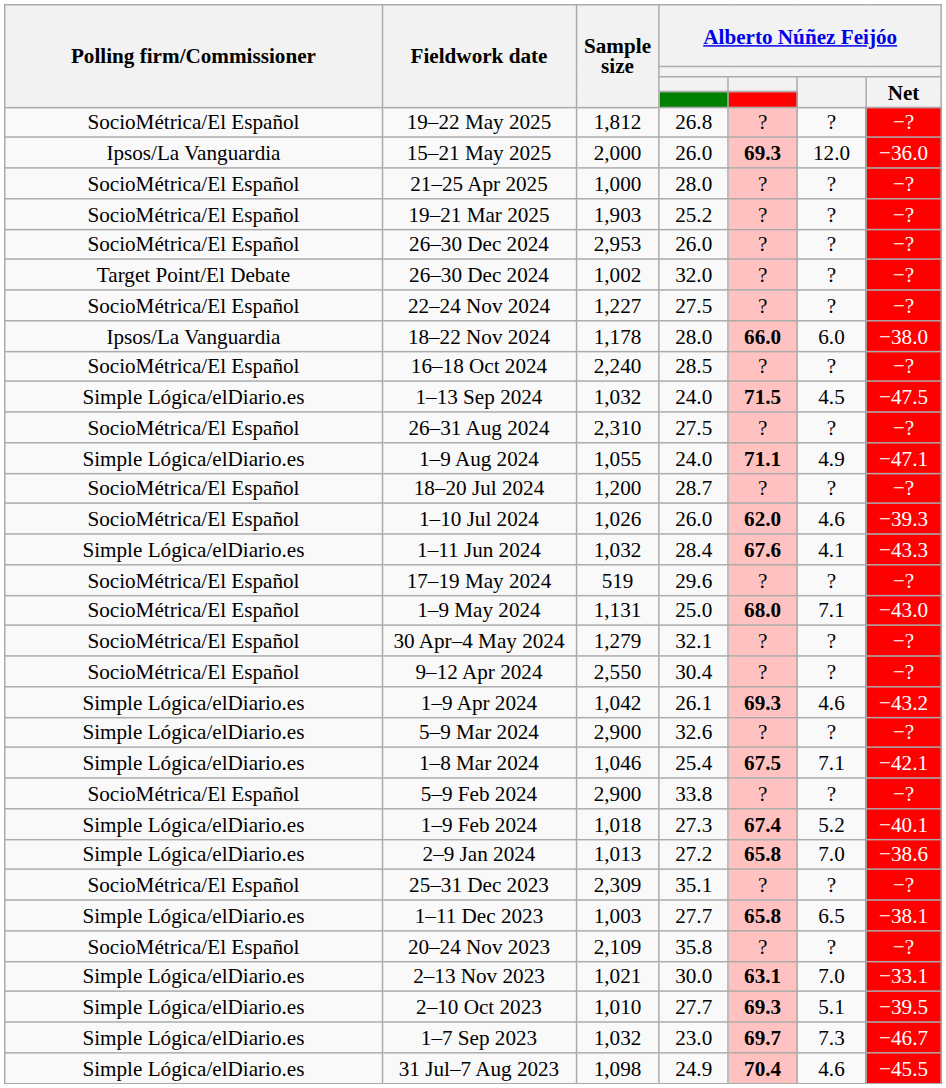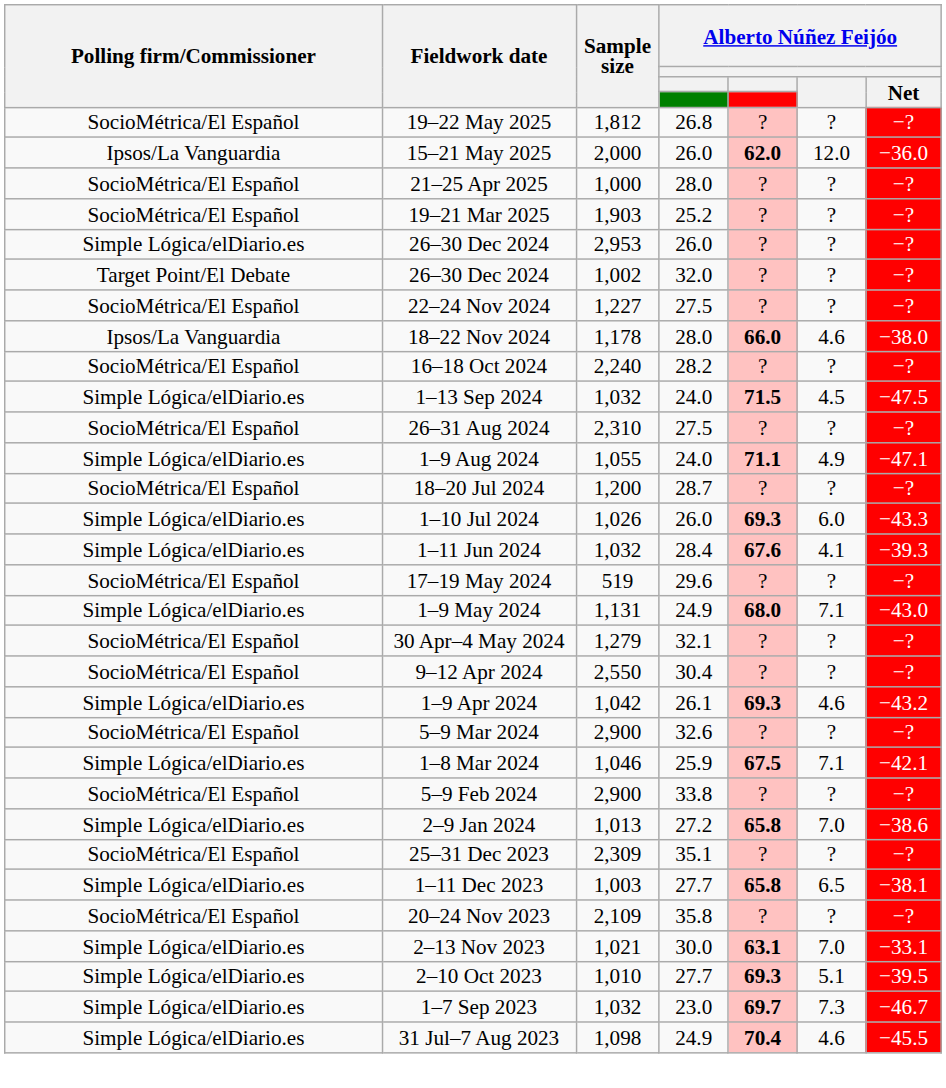 <table class="wikitable collapsible collapsed" style="text-align:center; font-size:90%; line-height:14px;">
 <tr style="height:42px;">
 <th style="width:250px;" rowspan="4">Polling firm/Commissioner</th>
 <th style="width:125px;" rowspan="4">Fieldwork date</th>
 <th style="width:50px;" rowspan="4">Sample size</th>
 <th style="width:185px;" colspan="4"><a href='#'>Alberto Núñez Feijóo</a><br></th>
 </tr>
 <tr>
 <th colspan="4" style="background:"></th>
 </tr>
 <tr>
 <th style="width:30px;"></th>
 <th style="width:30px;"></th>
 <th style="width:30px;" rowspan="2"></th>
 <th style="width:30px;" rowspan="2">Net</th>
 </tr>
 <tr>
 <th style="color:inherit;background:#008000;"></th>
 <th style="color:inherit;background:#FF0000;"></th>
 </tr>
 <tr>
 <td>SocioMétrica/El Español</td>
 <td>19–22 May 2025</td>
 <td>1,812</td>
 <td>26.8</td>
 <td style="background:#FFC2C1;">?</td>
 <td>?</td>
 <td style="background:#FF0000; color:white;">−?</td>
 </tr>
 <tr>
 <td>Ipsos/La Vanguardia</td>
 <td>15–21 May 2025</td>
 <td>2,000</td>
 <td>26.0</td>
-<td style="background:#FFC2C1;"><strong>69.3</strong></td>
+<td style="background:#FFC2C1;"><strong>62.0</strong></td>
 <td>12.0</td>
 <td style="background:#FF0000; color:white;">−36.0</td>
 </tr>
 <tr>
 <td>SocioMétrica/El Español</td>
 <td>21–25 Apr 2025</td>
 <td>1,000</td>
 <td>28.0</td>
 <td style="background:#FFC2C1;">?</td>
 <td>?</td>
 <td style="background:#FF0000; color:white;">−?</td>
 </tr>
 <tr>
 <td>SocioMétrica/El Español</td>
 <td>19–21 Mar 2025</td>
 <td>1,903</td>
 <td>25.2</td>
 <td style="background:#FFC2C1;">?</td>
 <td>?</td>
 <td style="background:#FF0000; color:white;">−?</td>
 </tr>
 <tr>
-<td>SocioMétrica/El Español</td>
+<td>Simple Lógica/elDiario.es</td>
 <td>26–30 Dec 2024</td>
 <td>2,953</td>
 <td>26.0</td>
 <td style="background:#FFC2C1;">?</td>
 <td>?</td>
 <td style="background:#FF0000; color:white;">−?</td>
 </tr>
 <tr>
 <td>Target Point/El Debate</td>
 <td>26–30 Dec 2024</td>
 <td>1,002</td>
 <td>32.0</td>
 <td style="background:#FFC2C1;">?</td>
 <td>?</td>
 <td style="background:#FF0000; color:white;">−?</td>
 </tr>
 <tr>
 <td>SocioMétrica/El Español</td>
 <td>22–24 Nov 2024</td>
 <td>1,227</td>
 <td>27.5</td>
 <td style="background:#FFC2C1;">?</td>
 <td>?</td>
 <td style="background:#FF0000; color:white;">−?</td>
 </tr>
 <tr>
 <td>Ipsos/La Vanguardia</td>
 <td>18–22 Nov 2024</td>
 <td>1,178</td>
 <td>28.0</td>
 <td style="background:#FFC2C1;"><strong>66.0</strong></td>
-<td>6.0</td>
+<td>4.6</td>
 <td style="background:#FF0000; color:white;">−38.0</td>
 </tr>
 <tr>
 <td>SocioMétrica/El Español</td>
 <td>16–18 Oct 2024</td>
 <td>2,240</td>
-<td>28.5</td>
+<td>28.2</td>
 <td style="background:#FFC2C1;">?</td>
 <td>?</td>
 <td style="background:#FF0000; color:white;">−?</td>
 </tr>
 <tr>
 <td>Simple Lógica/elDiario.es</td>
 <td>1–13 Sep 2024</td>
 <td>1,032</td>
 <td>24.0</td>
 <td style="background:#FFC2C1;"><strong>71.5</strong></td>
 <td>4.5</td>
 <td style="background:#FF0000; color:white;">−47.5</td>
 </tr>
 <tr>
 <td>SocioMétrica/El Español</td>
 <td>26–31 Aug 2024</td>
 <td>2,310</td>
 <td>27.5</td>
 <td style="background:#FFC2C1;">?</td>
 <td>?</td>
 <td style="background:#FF0000; color:white;">−?</td>
 </tr>
 <tr>
 <td>Simple Lógica/elDiario.es</td>
 <td>1–9 Aug 2024</td>
 <td>1,055</td>
 <td>24.0</td>
 <td style="background:#FFC2C1;"><strong>71.1</strong></td>
 <td>4.9</td>
 <td style="background:#FF0000; color:white;">−47.1</td>
 </tr>
 <tr>
 <td>SocioMétrica/El Español</td>
 <td>18–20 Jul 2024</td>
 <td>1,200</td>
 <td>28.7</td>
 <td style="background:#FFC2C1;">?</td>
 <td>?</td>
 <td style="background:#FF0000; color:white;">−?</td>
 </tr>
 <tr>
-<td>SocioMétrica/El Español</td>
+<td>Simple Lógica/elDiario.es</td>
 <td>1–10 Jul 2024</td>
 <td>1,026</td>
 <td>26.0</td>
-<td style="background:#FFC2C1;"><strong>62.0</strong></td>
-<td>4.6</td>
-<td style="background:#FF0000; color:white;">−39.3</td>
+<td style="background:#FFC2C1;"><strong>69.3</strong></td>
+<td>6.0</td>
+<td style="background:#FF0000; color:white;">−43.3</td>
 </tr>
 <tr>
 <td>Simple Lógica/elDiario.es</td>
 <td>1–11 Jun 2024</td>
 <td>1,032</td>
 <td>28.4</td>
 <td style="background:#FFC2C1;"><strong>67.6</strong></td>
 <td>4.1</td>
-<td style="background:#FF0000; color:white;">−43.3</td>
+<td style="background:#FF0000; color:white;">−39.3</td>
 </tr>
 <tr>
 <td>SocioMétrica/El Español</td>
 <td>17–19 May 2024</td>
 <td>519</td>
 <td>29.6</td>
 <td style="background:#FFC2C1;">?</td>
 <td>?</td>
 <td style="background:#FF0000; color:white;">−?</td>
 </tr>
 <tr>
-<td>SocioMétrica/El Español</td>
+<td>Simple Lógica/elDiario.es</td>
 <td>1–9 May 2024</td>
 <td>1,131</td>
-<td>25.0</td>
+<td>24.9</td>
 <td style="background:#FFC2C1;"><strong>68.0</strong></td>
 <td>7.1</td>
 <td style="background:#FF0000; color:white;">−43.0</td>
 </tr>
 <tr>
 <td>SocioMétrica/El Español</td>
 <td>30 Apr–4 May 2024</td>
 <td>1,279</td>
 <td>32.1</td>
 <td style="background:#FFC2C1;">?</td>
 <td>?</td>
 <td style="background:#FF0000; color:white;">−?</td>
 </tr>
 <tr>
 <td>SocioMétrica/El Español</td>
 <td>9–12 Apr 2024</td>
 <td>2,550</td>
 <td>30.4</td>
 <td style="background:#FFC2C1;">?</td>
 <td>?</td>
 <td style="background:#FF0000; color:white;">−?</td>
 </tr>
 <tr>
 <td>Simple Lógica/elDiario.es</td>
 <td>1–9 Apr 2024</td>
 <td>1,042</td>
 <td>26.1</td>
 <td style="background:#FFC2C1;"><strong>69.3</strong></td>
 <td>4.6</td>
 <td style="background:#FF0000; color:white;">−43.2</td>
 </tr>
 <tr>
-<td>Simple Lógica/elDiario.es</td>
+<td>SocioMétrica/El Español</td>
 <td>5–9 Mar 2024</td>
 <td>2,900</td>
 <td>32.6</td>
 <td style="background:#FFC2C1;">?</td>
 <td>?</td>
 <td style="background:#FF0000; color:white;">−?</td>
 </tr>
 <tr>
 <td>Simple Lógica/elDiario.es</td>
 <td>1–8 Mar 2024</td>
 <td>1,046</td>
-<td>25.4</td>
+<td>25.9</td>
 <td style="background:#FFC2C1;"><strong>67.5</strong></td>
 <td>7.1</td>
 <td style="background:#FF0000; color:white;">−42.1</td>
 </tr>
 <tr>
 <td>SocioMétrica/El Español</td>
 <td>5–9 Feb 2024</td>
 <td>2,900</td>
 <td>33.8</td>
 <td style="background:#FFC2C1;">?</td>
 <td>?</td>
 <td style="background:#FF0000; color:white;">−?</td>
-</tr>
-<tr>
-<td>Simple Lógica/elDiario.es</td>
-<td>1–9 Feb 2024</td>
-<td>1,018</td>
-<td>27.3</td>
-<td style="background:#FFC2C1;"><strong>67.4</strong></td>
-<td>5.2</td>
-<td style="background:#FF0000; color:white;">−40.1</td>
 </tr>
 <tr>
 <td>Simple Lógica/elDiario.es</td>
 <td>2–9 Jan 2024</td>
 <td>1,013</td>
 <td>27.2</td>
 <td style="background:#FFC2C1;"><strong>65.8</strong></td>
 <td>7.0</td>
 <td style="background:#FF0000; color:white;">−38.6</td>
 </tr>
 <tr>
 <td>SocioMétrica/El Español</td>
 <td>25–31 Dec 2023</td>
 <td>2,309</td>
 <td>35.1</td>
 <td style="background:#FFC2C1;">?</td>
 <td>?</td>
 <td style="background:#FF0000; color:white;">−?</td>
 </tr>
 <tr>
 <td>Simple Lógica/elDiario.es</td>
 <td>1–11 Dec 2023</td>
 <td>1,003</td>
 <td>27.7</td>
 <td style="background:#FFC2C1;"><strong>65.8</strong></td>
 <td>6.5</td>
 <td style="background:#FF0000; color:white;">−38.1</td>
 </tr>
 <tr>
 <td>SocioMétrica/El Español</td>
 <td>20–24 Nov 2023</td>
 <td>2,109</td>
 <td>35.8</td>
 <td style="background:#FFC2C1;">?</td>
 <td>?</td>
 <td style="background:#FF0000; color:white;">−?</td>
 </tr>
 <tr>
 <td>Simple Lógica/elDiario.es</td>
 <td>2–13 Nov 2023</td>
 <td>1,021</td>
 <td>30.0</td>
 <td style="background:#FFC2C1;"><strong>63.1</strong></td>
 <td>7.0</td>
 <td style="background:#FF0000; color:white;">−33.1</td>
 </tr>
 <tr>
 <td>Simple Lógica/elDiario.es</td>
 <td>2–10 Oct 2023</td>
 <td>1,010</td>
 <td>27.7</td>
 <td style="background:#FFC2C1;"><strong>69.3</strong></td>
 <td>5.1</td>
 <td style="background:#FF0000; color:white;">−39.5</td>
 </tr>
 <tr>
 <td>Simple Lógica/elDiario.es</td>
 <td>1–7 Sep 2023</td>
 <td>1,032</td>
 <td>23.0</td>
 <td style="background:#FFC2C1;"><strong>69.7</strong></td>
 <td>7.3</td>
 <td style="background:#FF0000; color:white;">−46.7</td>
 </tr>
 <tr>
 <td>Simple Lógica/elDiario.es</td>
 <td>31 Jul–7 Aug 2023</td>
 <td>1,098</td>
 <td>24.9</td>
 <td style="background:#FFC2C1;"><strong>70.4</strong></td>
 <td>4.6</td>
 <td style="background:#FF0000; color:white;">−45.5</td>
 </tr>
 </table>
